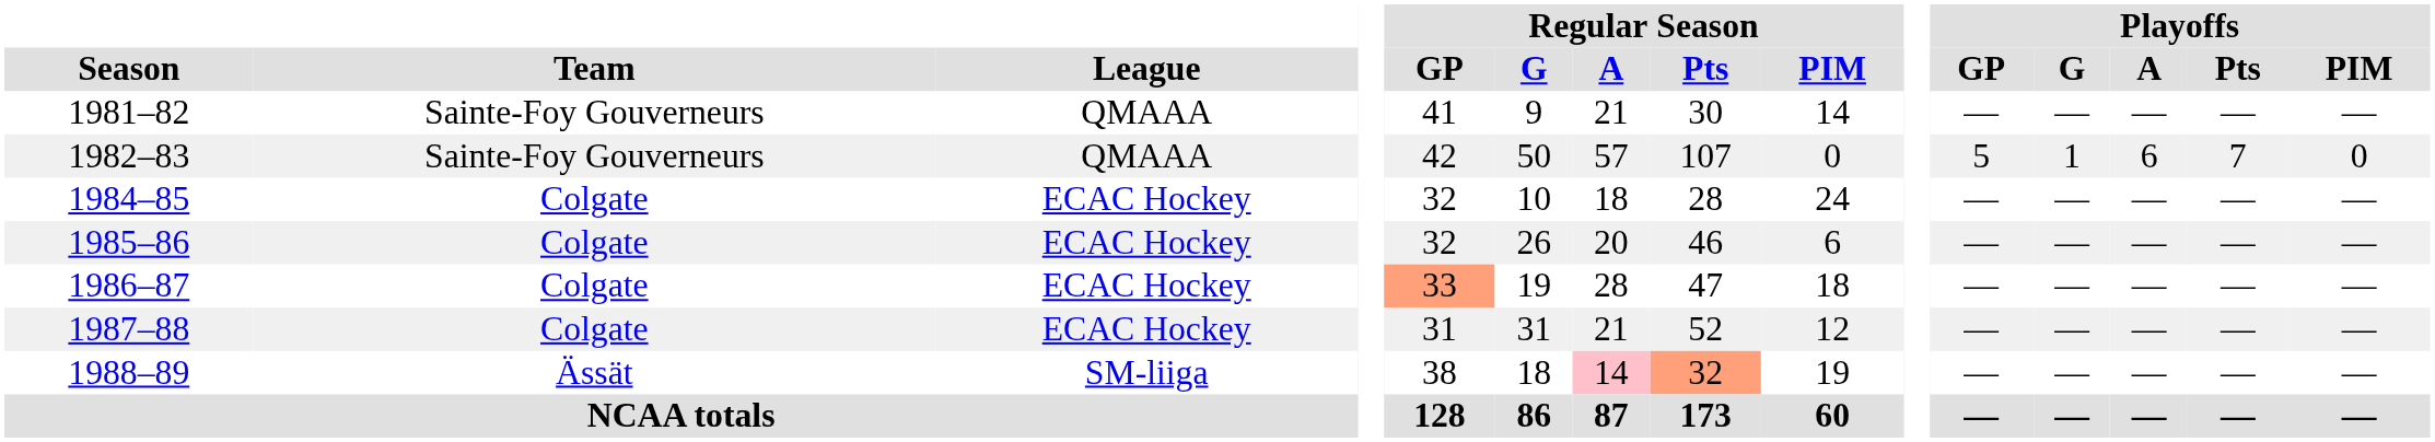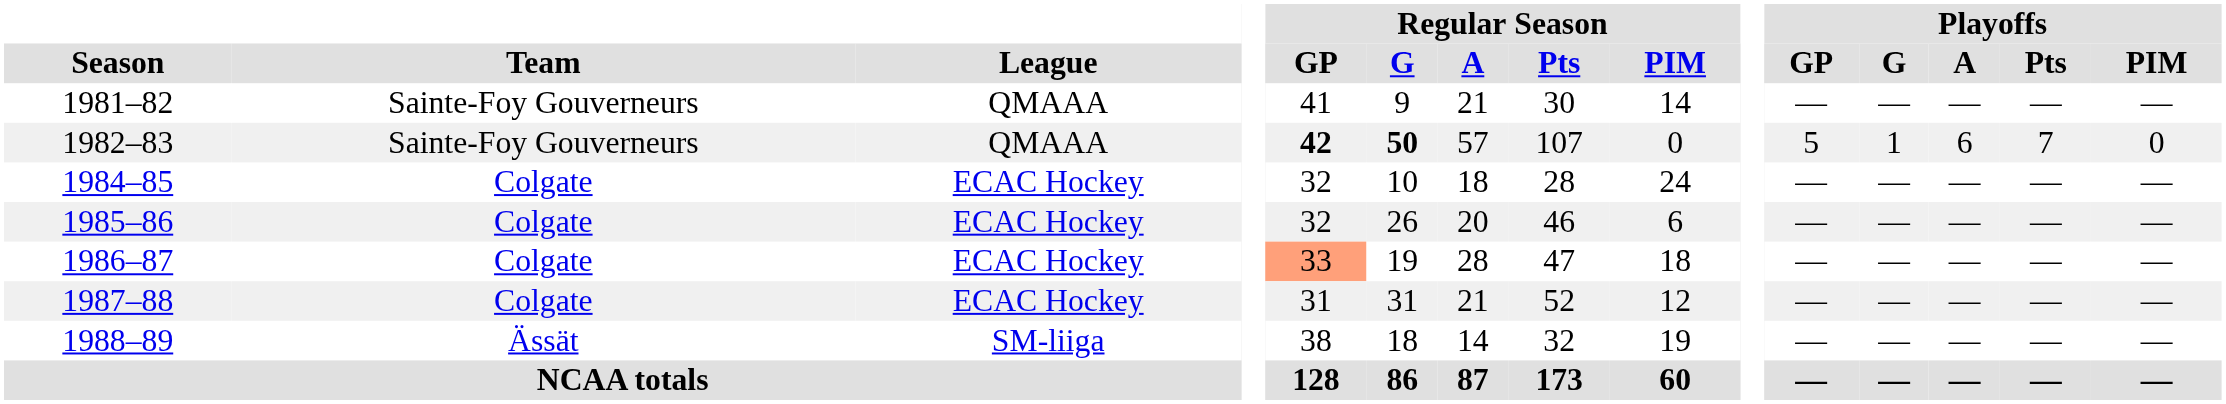 <table border="0" cellpadding="1" cellspacing="0" style="text-align:center; width:70em">
 <tr bgcolor="#e0e0e0">
 <th colspan="3"  bgcolor="#ffffff"> </th>
 <th rowspan="99" bgcolor="#ffffff"> </th>
 <th colspan="5">Regular Season</th>
 <th rowspan="99" bgcolor="#ffffff"> </th>
 <th colspan="5">Playoffs</th>
 </tr>
 <tr bgcolor="#e0e0e0">
 <th>Season</th>
 <th>Team</th>
 <th>League</th>
 <th>GP</th>
 <th><a href='#'>G</a></th>
 <th><a href='#'>A</a></th>
 <th><a href='#'>Pts</a></th>
 <th><a href='#'>PIM</a></th>
 <th>GP</th>
 <th>G</th>
 <th>A</th>
 <th>Pts</th>
 <th>PIM</th>
 </tr>
 <tr>
 <td>1981–82</td>
 <td>Sainte-Foy Gouverneurs</td>
 <td>QMAAA</td>
 <td>41</td>
 <td>9</td>
 <td>21</td>
 <td>30</td>
 <td>14</td>
 <td>—</td>
 <td>—</td>
 <td>—</td>
 <td>—</td>
 <td>—</td>
 </tr>
 <tr bgcolor="f0f0f0">
 <td>1982–83</td>
 <td>Sainte-Foy Gouverneurs</td>
 <td>QMAAA</td>
-<td>42</td>
-<td>50</td>
+<td><strong>42</strong></td>
+<td><strong>50</strong></td>
 <td>57</td>
 <td>107</td>
 <td>0</td>
 <td>5</td>
 <td>1</td>
 <td>6</td>
 <td>7</td>
 <td>0</td>
 </tr>
 <tr>
 <td><a href='#'>1984–85</a></td>
 <td><a href='#'>Colgate</a></td>
 <td><a href='#'>ECAC Hockey</a></td>
 <td>32</td>
 <td>10</td>
 <td>18</td>
 <td>28</td>
 <td>24</td>
 <td>—</td>
 <td>—</td>
 <td>—</td>
 <td>—</td>
 <td>—</td>
 </tr>
 <tr bgcolor="f0f0f0">
 <td><a href='#'>1985–86</a></td>
 <td><a href='#'>Colgate</a></td>
 <td><a href='#'>ECAC Hockey</a></td>
 <td>32</td>
 <td>26</td>
 <td>20</td>
 <td>46</td>
 <td>6</td>
 <td>—</td>
 <td>—</td>
 <td>—</td>
 <td>—</td>
 <td>—</td>
 </tr>
 <tr>
 <td><a href='#'>1986–87</a></td>
 <td><a href='#'>Colgate</a></td>
 <td><a href='#'>ECAC Hockey</a></td>
 <td style="background: lightsalmon;">33</td>
 <td>19</td>
 <td>28</td>
 <td>47</td>
 <td>18</td>
 <td>—</td>
 <td>—</td>
 <td>—</td>
 <td>—</td>
 <td>—</td>
 </tr>
 <tr bgcolor="f0f0f0">
 <td><a href='#'>1987–88</a></td>
 <td><a href='#'>Colgate</a></td>
 <td><a href='#'>ECAC Hockey</a></td>
 <td>31</td>
 <td>31</td>
 <td>21</td>
 <td>52</td>
 <td>12</td>
 <td>—</td>
 <td>—</td>
 <td>—</td>
 <td>—</td>
 <td>—</td>
 </tr>
 <tr>
 <td><a href='#'>1988–89</a></td>
 <td><a href='#'>Ässät</a></td>
 <td><a href='#'>SM-liiga</a></td>
 <td>38</td>
 <td>18</td>
-<td style="background: pink;">14</td>
-<td style="background: lightsalmon;">32</td>
+<td>14</td>
+<td>32</td>
 <td>19</td>
 <td>—</td>
 <td>—</td>
 <td>—</td>
 <td>—</td>
 <td>—</td>
 </tr>
 <tr bgcolor="#e0e0e0">
 <th colspan="3">NCAA totals</th>
 <th>128</th>
 <th>86</th>
 <th>87</th>
 <th>173</th>
 <th>60</th>
 <th>—</th>
 <th>—</th>
 <th>—</th>
 <th>—</th>
 <th>—</th>
 </tr>
 </table>
